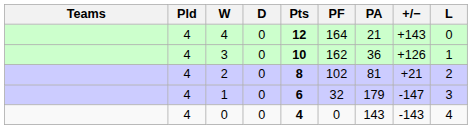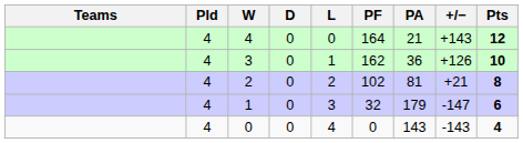 <table class="wikitable" style="text-align: center;">
 <tr>
 <th width="200">Teams</th>
 <th width="40">Pld</th>
 <th width="40">W</th>
 <th width="40">D</th>
-<th width="40">Pts</th>
+<th width="40">L</th>
 <th width="40">PF</th>
 <th width="40">PA</th>
 <th width="40">+/−</th>
-<th width="40">L</th>
+<th width="40">Pts</th>
 </tr>
 <tr bgcolor=ccffcc>
 <td align=left></td>
 <td>4</td>
 <td>4</td>
 <td>0</td>
-<td><strong>12</strong></td>
+<td>0</td>
 <td>164</td>
 <td>21</td>
 <td>+143</td>
-<td>0</td>
+<td><strong>12</strong></td>
 </tr>
 <tr bgcolor=ccffcc>
 <td align=left></td>
 <td>4</td>
 <td>3</td>
 <td>0</td>
-<td><strong>10</strong></td>
+<td>1</td>
 <td>162</td>
 <td>36</td>
 <td>+126</td>
-<td>1</td>
+<td><strong>10</strong></td>
 </tr>
 <tr bgcolor=ccccff>
 <td align=left></td>
 <td>4</td>
 <td>2</td>
 <td>0</td>
-<td><strong>8</strong></td>
+<td>2</td>
 <td>102</td>
 <td>81</td>
 <td>+21</td>
-<td>2</td>
+<td><strong>8</strong></td>
 </tr>
 <tr bgcolor=ccccff>
 <td align=left></td>
 <td>4</td>
 <td>1</td>
 <td>0</td>
-<td><strong>6</strong></td>
+<td>3</td>
 <td>32</td>
 <td>179</td>
 <td>-147</td>
-<td>3</td>
+<td><strong>6</strong></td>
 </tr>
 <tr>
 <td align=left></td>
 <td>4</td>
 <td>0</td>
 <td>0</td>
-<td><strong>4</strong></td>
+<td>4</td>
 <td>0</td>
 <td>143</td>
 <td>-143</td>
-<td>4</td>
+<td><strong>4</strong></td>
 </tr>
 </table>
